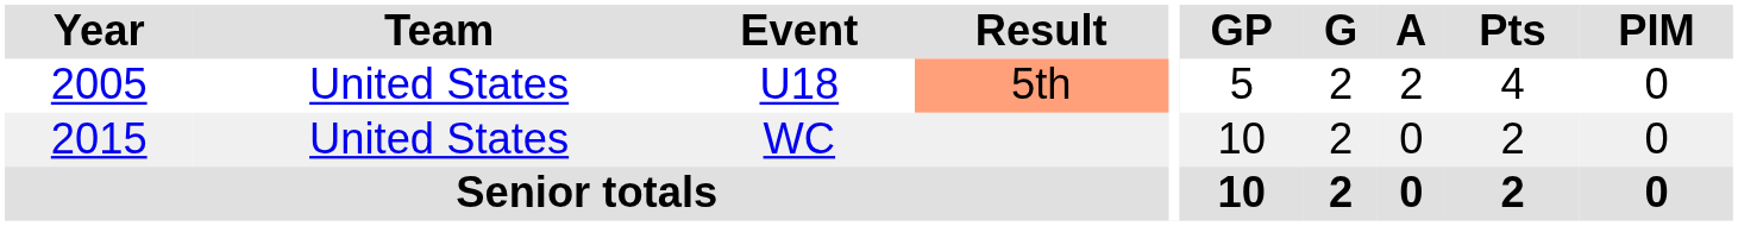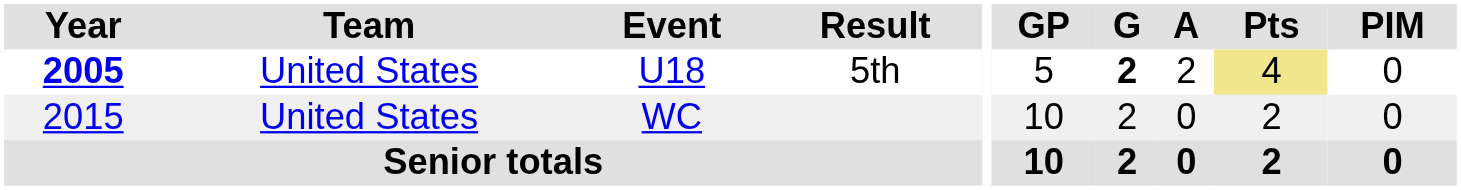 <table border="0" cellpadding="1" cellspacing="0" ID="Table3" style="text-align:center; width:40em">
 <tr ALIGN="center" bgcolor="#e0e0e0">
 <th>Year</th>
 <th>Team</th>
 <th>Event</th>
 <th>Result</th>
 <th rowspan="99" bgcolor="#ffffff"></th>
 <th>GP</th>
 <th>G</th>
 <th>A</th>
 <th>Pts</th>
 <th>PIM</th>
 </tr>
 <tr>
-<td><a href='#'>2005</a></td>
+<td><strong><a href='#'>2005</a></strong></td>
 <td><a href='#'>United States</a></td>
 <td><a href='#'>U18</a></td>
-<td style="background: lightsalmon;">5th</td>
+<td>5th</td>
 <td>5</td>
+<td><strong>2</strong></td>
 <td>2</td>
-<td>2</td>
-<td>4</td>
+<td style="background: khaki;">4</td>
 <td>0</td>
 </tr>
 <tr bgcolor="#f0f0f0">
 <td><a href='#'>2015</a></td>
 <td><a href='#'>United States</a></td>
 <td><a href='#'>WC</a></td>
 <td></td>
 <td>10</td>
 <td>2</td>
 <td>0</td>
 <td>2</td>
 <td>0</td>
 </tr>
 <tr bgcolor="#e0e0e0">
 <th colspan="4">Senior totals</th>
 <th>10</th>
 <th>2</th>
 <th>0</th>
 <th>2</th>
 <th>0</th>
 </tr>
 </table>
